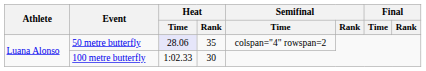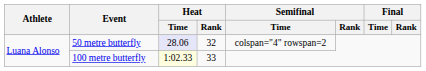 <table class="wikitable" style="text-align:center; font-size:90%; width:50%;">
 <tr>
 <th rowspan="2">Athlete</th>
 <th rowspan="2">Event</th>
 <th colspan="2">Heat</th>
 <th colspan="2">Semifinal</th>
 <th colspan="2">Final</th>
 </tr>
 <tr style="font-size:95%">
 <th>Time</th>
 <th>Rank</th>
 <th>Time</th>
 <th>Rank</th>
 <th>Time</th>
 <th>Rank</th>
 </tr>
 <tr>
 <td align=left rowspan=2><a href='#'>Luana Alonso</a></td>
 <td align=left><a href='#'>50 metre butterfly</a></td>
 <td style="background: lavender;">28.06</td>
-<td>35</td>
+<td>32</td>
 <td>colspan="4" rowspan=2</td>
 </tr>
 <tr>
 <td align=left><a href='#'>100 metre butterfly</a></td>
-<td>1:02.33</td>
-<td>30</td>
+<td style="background: lightyellow;">1:02.33</td>
+<td>33</td>
 </tr>
 </table>
